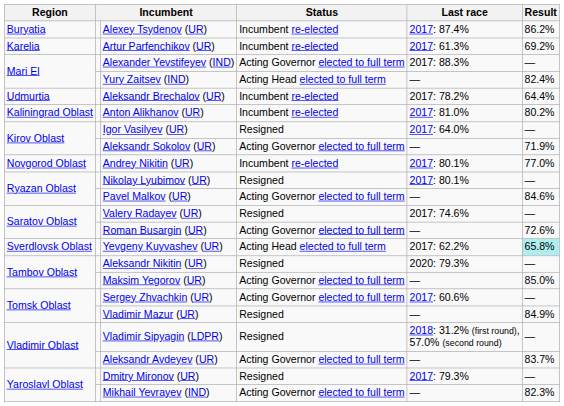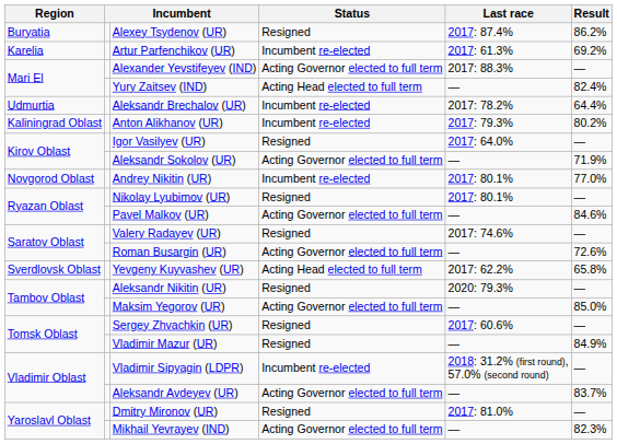 <table class="wikitable">
 <tr>
 <th>Region</th>
 <th colspan=2>Incumbent</th>
 <th>Status</th>
 <th>Last race</th>
 <th>Result</th>
 </tr>
 <tr>
 <td><a href='#'>Buryatia</a></td>
 <td style="background: "></td>
 <td><a href='#'>Alexey Tsydenov</a> (<a href='#'>UR</a>)</td>
-<td>Incumbent <a href='#'>re-elected</a></td>
+<td>Resigned</td>
 <td><a href='#'>2017</a>: 87.4%</td>
 <td>86.2%</td>
 </tr>
 <tr>
 <td><a href='#'>Karelia</a></td>
 <td style="background: "></td>
 <td><a href='#'>Artur Parfenchikov</a> (<a href='#'>UR</a>)</td>
 <td>Incumbent <a href='#'>re-elected</a></td>
 <td><a href='#'>2017</a>: 61.3%</td>
 <td>69.2%</td>
 </tr>
 <tr>
 <td rowspan=2><a href='#'>Mari El</a></td>
 <td style="background: "></td>
 <td><a href='#'>Alexander Yevstifeyev</a> (<a href='#'>IND</a>)</td>
 <td>Acting Governor <a href='#'>elected to full term</a></td>
 <td>2017: 88.3%</td>
 <td>—</td>
 </tr>
 <tr>
 <td style="background: "></td>
 <td><a href='#'>Yury Zaitsev</a> (<a href='#'>IND</a>)</td>
 <td>Acting Head <a href='#'>elected to full term</a></td>
 <td>—</td>
 <td>82.4%</td>
 </tr>
 <tr>
 <td><a href='#'>Udmurtia</a></td>
 <td style="background: "></td>
 <td><a href='#'>Aleksandr Brechalov</a> (<a href='#'>UR</a>)</td>
 <td>Incumbent <a href='#'>re-elected</a></td>
 <td>2017: 78.2%</td>
 <td>64.4%</td>
 </tr>
 <tr>
 <td><a href='#'>Kaliningrad Oblast</a></td>
 <td style="background: "></td>
 <td><a href='#'>Anton Alikhanov</a> (<a href='#'>UR</a>)</td>
 <td>Incumbent <a href='#'>re-elected</a></td>
-<td><a href='#'>2017</a>: 81.0%</td>
+<td><a href='#'>2017</a>: 79.3%</td>
 <td>80.2%</td>
 </tr>
 <tr>
 <td rowspan=2><a href='#'>Kirov Oblast</a></td>
 <td style="background: "></td>
 <td><a href='#'>Igor Vasilyev</a> (<a href='#'>UR</a>)</td>
 <td>Resigned</td>
 <td><a href='#'>2017</a>: 64.0%</td>
 <td>—</td>
 </tr>
 <tr>
 <td style="background: "></td>
 <td><a href='#'>Aleksandr Sokolov</a> (<a href='#'>UR</a>)</td>
 <td>Acting Governor <a href='#'>elected to full term</a></td>
 <td>—</td>
 <td>71.9%</td>
 </tr>
 <tr>
 <td><a href='#'>Novgorod Oblast</a></td>
 <td style="background: "></td>
 <td><a href='#'>Andrey Nikitin</a> (<a href='#'>UR</a>)</td>
 <td>Incumbent <a href='#'>re-elected</a></td>
 <td><a href='#'>2017</a>: 80.1%</td>
 <td>77.0%</td>
 </tr>
 <tr>
 <td rowspan=2><a href='#'>Ryazan Oblast</a></td>
 <td style="background: "></td>
 <td><a href='#'>Nikolay Lyubimov</a> (<a href='#'>UR</a>)</td>
 <td>Resigned</td>
 <td><a href='#'>2017</a>: 80.1%</td>
 <td>—</td>
 </tr>
 <tr>
 <td style="background: "></td>
 <td><a href='#'>Pavel Malkov</a> (<a href='#'>UR</a>)</td>
 <td>Acting Governor <a href='#'>elected to full term</a></td>
 <td>—</td>
 <td>84.6%</td>
 </tr>
 <tr>
 <td rowspan=2><a href='#'>Saratov Oblast</a></td>
 <td style="background: "></td>
 <td><a href='#'>Valery Radayev</a> (<a href='#'>UR</a>)</td>
 <td>Resigned</td>
 <td>2017: 74.6%</td>
 <td>—</td>
 </tr>
 <tr>
 <td style="background: "></td>
 <td><a href='#'>Roman Busargin</a> (<a href='#'>UR</a>)</td>
 <td>Acting Governor <a href='#'>elected to full term</a></td>
 <td>—</td>
 <td>72.6%</td>
 </tr>
 <tr>
 <td><a href='#'>Sverdlovsk Oblast</a></td>
 <td style="background: "></td>
 <td><a href='#'>Yevgeny Kuyvashev</a> (<a href='#'>UR</a>)</td>
 <td>Acting Head <a href='#'>elected to full term</a></td>
 <td>2017: 62.2%</td>
-<td style="background: paleturquoise;">65.8%</td>
+<td>65.8%</td>
 </tr>
 <tr>
 <td rowspan=2><a href='#'>Tambov Oblast</a></td>
 <td style="background: "></td>
 <td><a href='#'>Aleksandr Nikitin</a> (<a href='#'>UR</a>)</td>
 <td>Resigned</td>
 <td>2020: 79.3%</td>
 <td>—</td>
 </tr>
 <tr>
 <td style="background: "></td>
 <td><a href='#'>Maksim Yegorov</a> (<a href='#'>UR</a>)</td>
 <td>Acting Governor <a href='#'>elected to full term</a></td>
 <td>—</td>
 <td>85.0%</td>
 </tr>
 <tr>
 <td rowspan=2><a href='#'>Tomsk Oblast</a></td>
 <td style="background: "></td>
 <td><a href='#'>Sergey Zhvachkin</a> (<a href='#'>UR</a>)</td>
-<td>Acting Governor <a href='#'>elected to full term</a></td>
+<td>Resigned</td>
 <td><a href='#'>2017</a>: 60.6%</td>
 <td>—</td>
 </tr>
 <tr>
 <td style="background: "></td>
 <td><a href='#'>Vladimir Mazur</a> (<a href='#'>UR</a>)</td>
 <td>Resigned</td>
 <td>—</td>
 <td>84.9%</td>
 </tr>
 <tr>
 <td rowspan=2><a href='#'>Vladimir Oblast</a></td>
 <td style="background: "></td>
 <td><a href='#'>Vladimir Sipyagin</a> (<a href='#'>LDPR</a>)</td>
-<td>Resigned</td>
+<td>Incumbent <a href='#'>re-elected</a></td>
 <td><a href='#'>2018</a>: 31.2% <small>(first round)</small>,<br>57.0% <small>(second round)</small></td>
 <td>—</td>
 </tr>
 <tr>
 <td style="background: "></td>
 <td><a href='#'>Aleksandr Avdeyev</a> (<a href='#'>UR</a>)</td>
 <td>Acting Governor <a href='#'>elected to full term</a></td>
 <td>—</td>
 <td>83.7%</td>
 </tr>
 <tr>
 <td rowspan=2><a href='#'>Yaroslavl Oblast</a></td>
 <td style="background: "></td>
 <td><a href='#'>Dmitry Mironov</a> (<a href='#'>UR</a>)</td>
 <td>Resigned</td>
-<td><a href='#'>2017</a>: 79.3%</td>
+<td><a href='#'>2017</a>: 81.0%</td>
 <td>—</td>
 </tr>
 <tr>
 <td style="background: "></td>
 <td><a href='#'>Mikhail Yevrayev</a> (<a href='#'>IND</a>)</td>
 <td>Acting Governor <a href='#'>elected to full term</a></td>
 <td>—</td>
 <td>82.3%</td>
 </tr>
 </table>
